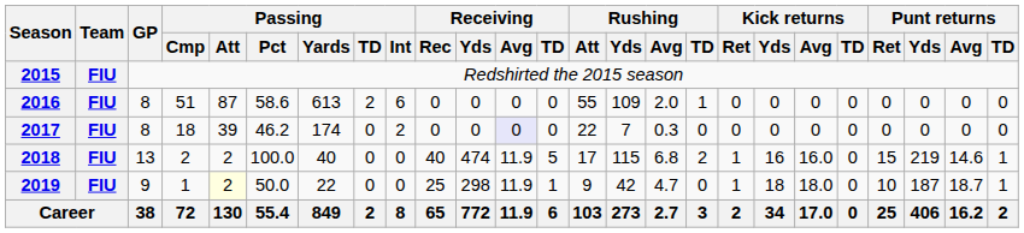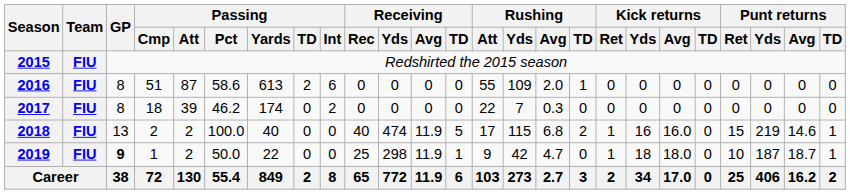 <table class="wikitable" style="text-align:center;">
 <tr>
 <th rowspan="2">Season</th>
 <th rowspan="2">Team</th>
 <th rowspan="2">GP</th>
 <th colspan="6">Passing</th>
 <th colspan="4">Receiving</th>
 <th colspan="4">Rushing</th>
 <th colspan="4">Kick returns</th>
 <th colspan="4">Punt returns</th>
 </tr>
 <tr>
 <th>Cmp</th>
 <th>Att</th>
 <th>Pct</th>
 <th>Yards</th>
 <th>TD</th>
 <th>Int</th>
 <th>Rec</th>
 <th>Yds</th>
 <th>Avg</th>
 <th>TD</th>
 <th>Att</th>
 <th>Yds</th>
 <th>Avg</th>
 <th>TD</th>
 <th>Ret</th>
 <th>Yds</th>
 <th>Avg</th>
 <th>TD</th>
 <th>Ret</th>
 <th>Yds</th>
 <th>Avg</th>
 <th>TD</th>
 </tr>
 <tr>
 <th><a href='#'>2015</a></th>
 <th><a href='#'>FIU</a></th>
 <td colspan="23"><em>Redshirted the 2015 season</em></td>
 </tr>
 <tr>
 <th><a href='#'>2016</a></th>
 <th><a href='#'>FIU</a></th>
 <td>8</td>
 <td>51</td>
 <td>87</td>
 <td>58.6</td>
 <td>613</td>
 <td>2</td>
 <td>6</td>
 <td>0</td>
 <td>0</td>
 <td>0</td>
 <td>0</td>
 <td>55</td>
 <td>109</td>
 <td>2.0</td>
 <td>1</td>
 <td>0</td>
 <td>0</td>
 <td>0</td>
 <td>0</td>
 <td>0</td>
 <td>0</td>
 <td>0</td>
 <td>0</td>
 </tr>
 <tr>
 <th><a href='#'>2017</a></th>
 <th><a href='#'>FIU</a></th>
 <td>8</td>
 <td>18</td>
 <td>39</td>
 <td>46.2</td>
 <td>174</td>
 <td>0</td>
 <td>2</td>
 <td>0</td>
 <td>0</td>
-<td style="background: lavender;">0</td>
+<td>0</td>
 <td>0</td>
 <td>22</td>
 <td>7</td>
 <td>0.3</td>
 <td>0</td>
 <td>0</td>
 <td>0</td>
 <td>0</td>
 <td>0</td>
 <td>0</td>
 <td>0</td>
 <td>0</td>
 <td>0</td>
 </tr>
 <tr>
 <th><a href='#'>2018</a></th>
 <th><a href='#'>FIU</a></th>
 <td>13</td>
 <td>2</td>
 <td>2</td>
 <td>100.0</td>
 <td>40</td>
 <td>0</td>
 <td>0</td>
 <td>40</td>
 <td>474</td>
 <td>11.9</td>
 <td>5</td>
 <td>17</td>
 <td>115</td>
 <td>6.8</td>
 <td>2</td>
 <td>1</td>
 <td>16</td>
 <td>16.0</td>
 <td>0</td>
 <td>15</td>
 <td>219</td>
 <td>14.6</td>
 <td>1</td>
 </tr>
 <tr>
 <th><a href='#'>2019</a></th>
 <th><a href='#'>FIU</a></th>
-<td>9</td>
+<td><strong>9</strong></td>
 <td>1</td>
-<td style="background: lightyellow;">2</td>
+<td>2</td>
 <td>50.0</td>
 <td>22</td>
 <td>0</td>
 <td>0</td>
 <td>25</td>
 <td>298</td>
 <td>11.9</td>
 <td>1</td>
 <td>9</td>
 <td>42</td>
 <td>4.7</td>
 <td>0</td>
 <td>1</td>
 <td>18</td>
 <td>18.0</td>
 <td>0</td>
 <td>10</td>
 <td>187</td>
 <td>18.7</td>
 <td>1</td>
 </tr>
 <tr>
 <th colspan="2">Career</th>
 <th>38</th>
 <th>72</th>
 <th>130</th>
 <th>55.4</th>
 <th>849</th>
 <th>2</th>
 <th>8</th>
 <th>65</th>
 <th>772</th>
 <th>11.9</th>
 <th>6</th>
 <th>103</th>
 <th>273</th>
 <th>2.7</th>
 <th>3</th>
 <th>2</th>
 <th>34</th>
 <th>17.0</th>
 <th>0</th>
 <th>25</th>
 <th>406</th>
 <th>16.2</th>
 <th>2</th>
 </tr>
 </table>
